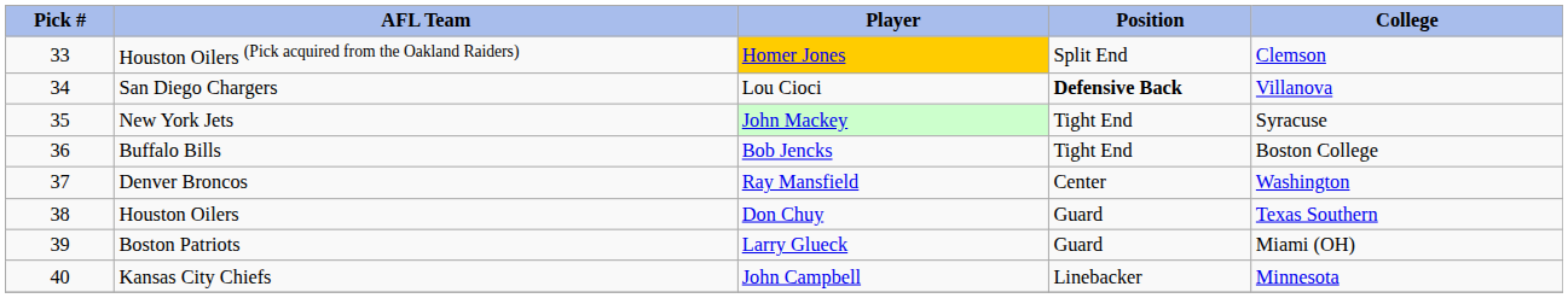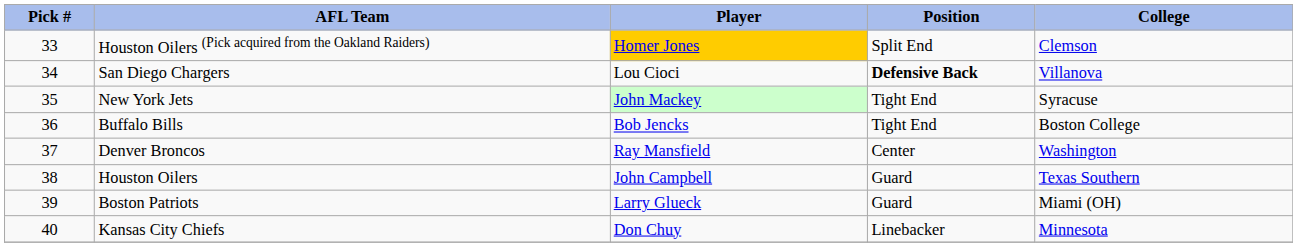 <table class="wikitable sortable sortable" style="width: 100%">
 <tr>
 <th style="background:#A8BDEC;" width=7%>Pick #</th>
 <th width=40% style="background:#A8BDEC;">AFL Team</th>
 <th width=20% style="background:#A8BDEC;">Player</th>
 <th width=13% style="background:#A8BDEC;">Position</th>
 <th style="background:#A8BDEC;">College</th>
 </tr>
 <tr>
 <td align=center>33</td>
 <td>Houston Oilers <sup>(Pick acquired from the Oakland Raiders)</sup></td>
 <td bgcolor="#FFCC00"><a href='#'>Homer Jones</a></td>
 <td>Split End</td>
 <td><a href='#'>Clemson</a></td>
 </tr>
 <tr>
 <td align=center>34</td>
 <td>San Diego Chargers</td>
 <td>Lou Cioci</td>
 <td><strong>Defensive Back</strong></td>
 <td><a href='#'>Villanova</a></td>
 </tr>
 <tr>
 <td align=center>35</td>
 <td>New York Jets</td>
 <td bgcolor="#CCFFCC"><a href='#'>John Mackey</a></td>
 <td>Tight End</td>
 <td>Syracuse</td>
 </tr>
 <tr>
 <td align=center>36</td>
 <td>Buffalo Bills</td>
 <td><a href='#'>Bob Jencks</a></td>
 <td>Tight End</td>
 <td>Boston College</td>
 </tr>
 <tr>
 <td align=center>37</td>
 <td>Denver Broncos</td>
 <td><a href='#'>Ray Mansfield</a></td>
 <td>Center</td>
 <td><a href='#'>Washington</a></td>
 </tr>
 <tr>
 <td align=center>38</td>
 <td>Houston Oilers</td>
-<td><a href='#'>Don Chuy</a></td>
+<td><a href='#'>John Campbell</a></td>
 <td>Guard</td>
 <td><a href='#'>Texas Southern</a></td>
 </tr>
 <tr>
 <td align=center>39</td>
 <td>Boston Patriots</td>
 <td><a href='#'>Larry Glueck</a></td>
 <td>Guard</td>
 <td>Miami (OH)</td>
 </tr>
 <tr>
 <td align=center>40</td>
 <td>Kansas City Chiefs</td>
-<td><a href='#'>John Campbell</a></td>
+<td><a href='#'>Don Chuy</a></td>
 <td>Linebacker</td>
 <td><a href='#'>Minnesota</a></td>
 </tr>
 <tr>
 </tr>
 </table>
